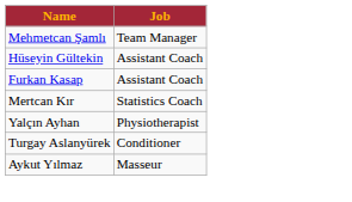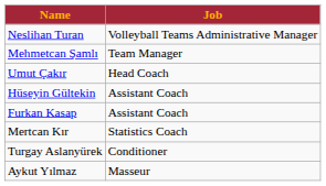 <table class="wikitable plainrowheaders sortable">
 <tr>
 <th style="background:#A32638; color:#FFB300; ">Name</th>
 <th style="background:#A32638; color:#FFB300; ">Job</th>
 </tr>
 <tr>
+<td> <a href='#'>Neslihan Turan</a></td>
+<td>Volleyball Teams Administrative Manager</td>
+</tr>
+<tr>
 <td> <a href='#'>Mehmetcan Şamlı</a></td>
 <td>Team Manager</td>
+</tr>
+<tr>
+<td> <a href='#'>Umut Çakır</a></td>
+<td>Head Coach</td>
 </tr>
 <tr>
 <td> <a href='#'>Hüseyin Gültekin</a></td>
 <td>Assistant Coach</td>
 </tr>
 <tr>
 <td> <a href='#'>Furkan Kasap</a></td>
 <td>Assistant Coach</td>
 </tr>
 <tr>
 <td> Mertcan Kır</td>
 <td>Statistics Coach</td>
 </tr>
 <tr>
-<td> Yalçın Ayhan</td>
-<td>Physiotherapist</td>
-</tr>
-<tr>
 <td> Turgay Aslanyürek</td>
 <td>Conditioner</td>
 </tr>
 <tr>
 <td> Aykut Yılmaz</td>
 <td>Masseur</td>
 </tr>
 </table>
